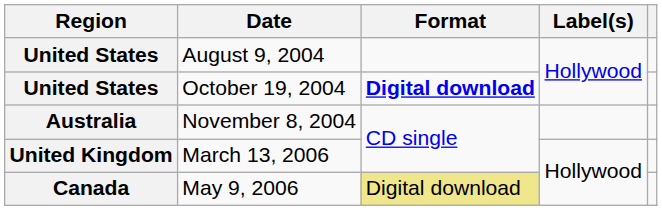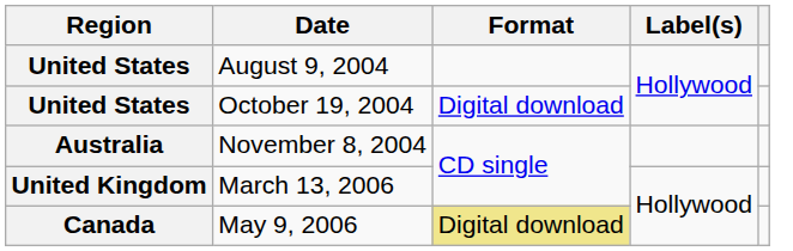 <table class="wikitable plainrowheaders">
 <tr>
 <th scope="col">Region</th>
 <th scope="col">Date</th>
 <th scope="col">Format</th>
 <th scope="col">Label(s)</th>
 <th scope="col"></th>
 </tr>
 <tr>
 <th scope="row">United States</th>
 <td>August 9, 2004</td>
 <td></td>
 <td rowspan="2"><a href='#'>Hollywood</a></td>
 <td align="center"></td>
 </tr>
 <tr>
 <th scope="row">United States</th>
 <td>October 19, 2004</td>
-<td><strong><a href='#'>Digital download</a></strong></td>
+<td><a href='#'>Digital download</a></td>
 <td align="center"></td>
 </tr>
 <tr>
 <th scope="row">Australia</th>
 <td>November 8, 2004</td>
 <td rowspan="2"><a href='#'>CD single</a></td>
 <td></td>
 <td align="center"></td>
 </tr>
 <tr>
 <th scope="row">United Kingdom</th>
 <td>March 13, 2006</td>
 <td rowspan="2">Hollywood</td>
 <td align="center"></td>
 </tr>
 <tr>
 <th scope="row">Canada</th>
 <td>May 9, 2006</td>
 <td style="background: khaki;">Digital download</td>
 <td align="center"></td>
 </tr>
 </table>
